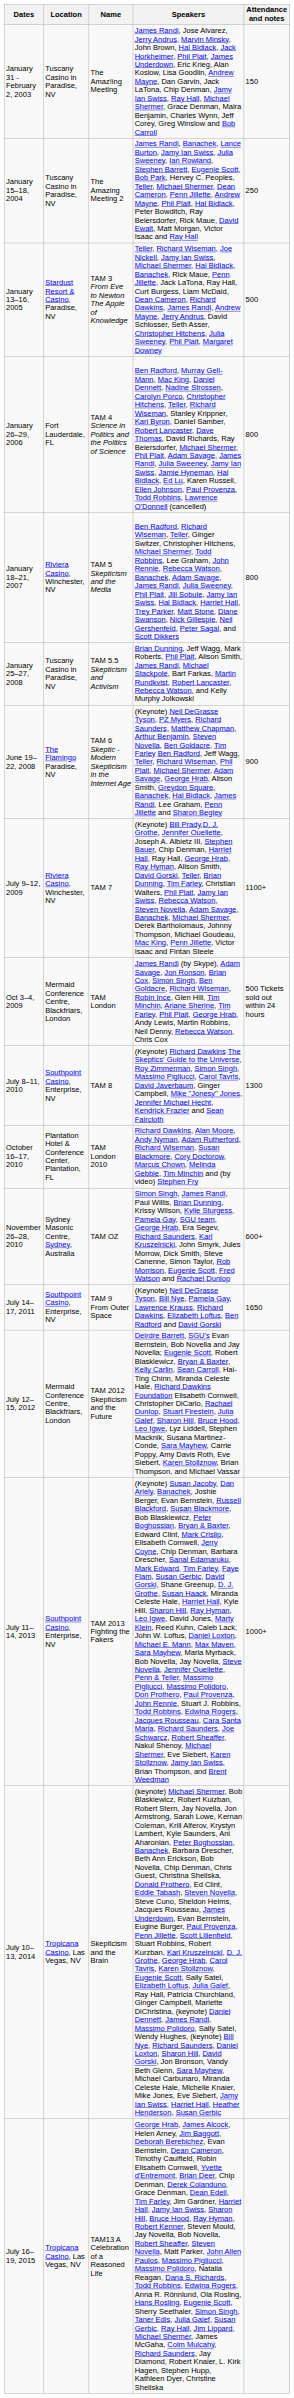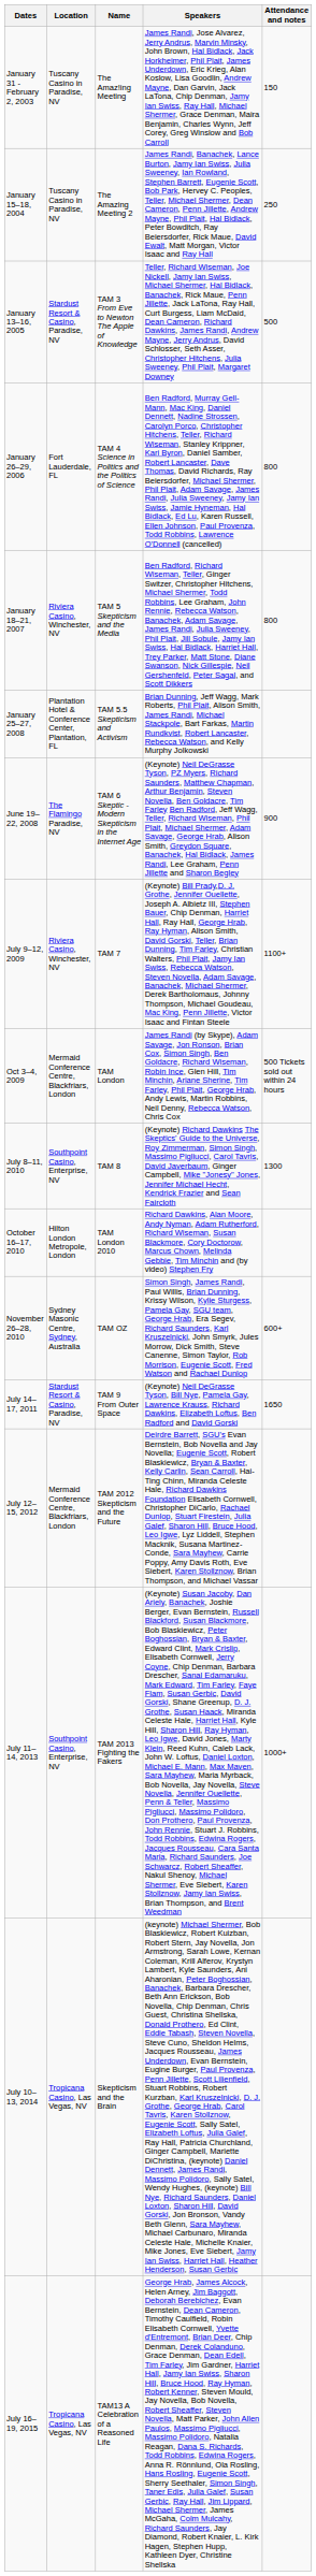 <table class="wikitable">
 <tr>
 <th>Dates</th>
 <th>Location</th>
 <th>Name</th>
 <th>Speakers</th>
 <th>Attendance and notes</th>
 </tr>
 <tr>
 <td>January 31 - February 2, 2003</td>
 <td>Tuscany Casino in Paradise, NV</td>
 <td>The Amaz!ing Meeting</td>
 <td><a href='#'>James Randi</a>, Jose Alvarez, <a href='#'>Jerry Andrus</a>, <a href='#'>Marvin Minsky</a>, John Brown, <a href='#'>Hal Bidlack</a>, <a href='#'>Jack Horkheimer</a>, <a href='#'>Phil Plait</a>, <a href='#'>James Underdown</a>, Eric Krieg, Alan Koslow, Lisa Goodlin, <a href='#'>Andrew Mayne</a>, Dan Garvin, Jack LaTona, Chip Denman, <a href='#'>Jamy Ian Swiss</a>, <a href='#'>Ray Hall</a>, <a href='#'>Michael Shermer</a>, Grace Denman, Maira Benjamin, Charles Wynn, Jeff Corey, Greg Winslow and <a href='#'>Bob Carroll</a></td>
 <td>150</td>
 </tr>
 <tr>
 <td>January 15–18, 2004</td>
 <td>Tuscany Casino in Paradise, NV</td>
 <td>The Amazing Meeting 2</td>
 <td><a href='#'>James Randi</a>, <a href='#'>Banachek</a>, <a href='#'>Lance Burton</a>, <a href='#'>Jamy Ian Swiss</a>, <a href='#'>Julia Sweeney</a>, <a href='#'>Ian Rowland</a>, <a href='#'>Stephen Barrett</a>, <a href='#'>Eugenie Scott</a>, <a href='#'>Bob Park</a>, Hervey C. Peoples, <a href='#'>Teller</a>, <a href='#'>Michael Shermer</a>, <a href='#'>Dean Cameron</a>, <a href='#'>Penn Jillette</a>, <a href='#'>Andrew Mayne</a>, <a href='#'>Phil Plait</a>, <a href='#'>Hal Bidlack</a>, Peter Bowditch, Ray Beiersdorfer, Rick Maue, <a href='#'>David Ewalt</a>, Matt Morgan, Victor Isaac and <a href='#'>Ray Hall</a></td>
 <td>250</td>
 </tr>
 <tr>
 <td>January 13–16, 2005</td>
 <td><a href='#'>Stardust Resort & Casino</a>, Paradise, NV</td>
 <td>TAM 3 <em>From Eve to Newton The Apple of Knowledge</em></td>
 <td><a href='#'>Teller</a>, <a href='#'>Richard Wiseman</a>, <a href='#'>Joe Nickell</a>, <a href='#'>Jamy Ian Swiss</a>, <a href='#'>Michael Shermer</a>, <a href='#'>Hal Bidlack</a>, <a href='#'>Banachek</a>, Rick Maue, <a href='#'>Penn Jillette</a>, Jack LaTona, Ray Hall, Curt Burgess, Liam McDaid, <a href='#'>Dean Cameron</a>, <a href='#'>Richard Dawkins</a>, <a href='#'>James Randi</a>, <a href='#'>Andrew Mayne</a>, <a href='#'>Jerry Andrus</a>, David Schlosser, Seth Asser, <a href='#'>Christopher Hitchens</a>, <a href='#'>Julia Sweeney</a>, <a href='#'>Phil Plait</a>, <a href='#'>Margaret Downey</a></td>
 <td>500</td>
 </tr>
 <tr>
 <td>January 26–29, 2006</td>
 <td>Fort Lauderdale, FL</td>
 <td>TAM 4 <em>Science in Politics and the Politics of Science</em></td>
 <td><br><a href='#'>Ben Radford</a>, <a href='#'>Murray Gell-Mann</a>, <a href='#'>Mac King</a>, <a href='#'>Daniel Dennett</a>, <a href='#'>Nadine Strossen</a>, <a href='#'>Carolyn Porco</a>, <a href='#'>Christopher Hitchens</a>, <a href='#'>Teller</a>, <a href='#'>Richard Wiseman</a>, Stanley Krippner, <a href='#'>Kari Byron</a>, Daniel Samber, <a href='#'>Robert Lancaster</a>, <a href='#'>Dave Thomas</a>, David Richards, Ray Beiersdorfer, <a href='#'>Michael Shermer</a>, <a href='#'>Phil Plait</a>, <a href='#'>Adam Savage</a>, <a href='#'>James Randi</a>, <a href='#'>Julia Sweeney</a>, <a href='#'>Jamy Ian Swiss</a>, <a href='#'>Jamie Hyneman</a>, <a href='#'>Hal Bidlack</a>, <a href='#'>Ed Lu</a>, Karen Russell, <a href='#'>Ellen Johnson</a>, <a href='#'>Paul Provenza</a>, <a href='#'>Todd Robbins</a>, <a href='#'>Lawrence O'Donnell</a> (cancelled)</td>
 <td>800</td>
 </tr>
 <tr>
 <td>January 18–21, 2007</td>
 <td><a href='#'>Riviera Casino</a>, Winchester, NV</td>
 <td>TAM 5 <em>Skepticism and the Media</em></td>
 <td><br><a href='#'>Ben Radford</a>, <a href='#'>Richard Wiseman</a>, <a href='#'>Teller</a>, Ginger Switzer, Christopher Hitchens, <a href='#'>Michael Shermer</a>, <a href='#'>Todd Robbins</a>, Lee Graham, <a href='#'>John Rennie</a>, <a href='#'>Rebecca Watson</a>, <a href='#'>Banachek</a>, <a href='#'>Adam Savage</a>, <a href='#'>James Randi</a>, <a href='#'>Julia Sweeney</a>, <a href='#'>Phil Plait</a>, <a href='#'>Jill Sobule</a>, <a href='#'>Jamy Ian Swiss</a>, <a href='#'>Hal Bidlack</a>, <a href='#'>Harriet Hall</a>, <a href='#'>Trey Parker</a>, <a href='#'>Matt Stone</a>, <a href='#'>Diane Swanson</a>, <a href='#'>Nick Gillespie</a>, <a href='#'>Neil Gershenfeld</a>, <a href='#'>Peter Sagal</a>, and <a href='#'>Scott Dikkers</a></td>
 <td>800</td>
 </tr>
 <tr>
 <td>January 25–27, 2008</td>
-<td>Tuscany Casino in Paradise, NV</td>
+<td>Plantation Hotel & Conference Center, Plantation, FL</td>
 <td>TAM 5.5 <em>Skepticism and Activism</em></td>
 <td><a href='#'>Brian Dunning</a>, Jeff Wagg, Mark Roberts, <a href='#'>Phil Plait</a>, Alison Smith, <a href='#'>James Randi</a>, <a href='#'>Michael Stackpole</a>, Bart Farkas, <a href='#'>Martin Rundkvist</a>, <a href='#'>Robert Lancaster</a>, <a href='#'>Rebecca Watson</a>, and Kelly Murphy Jolkowski</td>
 <td></td>
 </tr>
 <tr>
 <td>June 19–22, 2008</td>
 <td><a href='#'>The Flamingo</a> Paradise, NV</td>
 <td>TAM 6<em> Skeptic - Modern Skepticism in the Internet Age</em></td>
 <td>(Keynote) <a href='#'>Neil DeGrasse Tyson</a>, <a href='#'>PZ Myers</a>, <a href='#'>Richard Saunders</a>, <a href='#'>Matthew Chapman</a>, <a href='#'>Arthur Benjamin</a>, <a href='#'>Steven Novella</a>, <a href='#'>Ben Goldacre</a>, <a href='#'>Tim Farley</a> <a href='#'>Ben Radford</a>, Jeff Wagg, <a href='#'>Teller</a>, <a href='#'>Richard Wiseman</a>, <a href='#'>Phil Plait</a>, <a href='#'>Michael Shermer</a>, <a href='#'>Adam Savage</a>, <a href='#'>George Hrab</a>, Alison Smith, <a href='#'>Greydon Square</a>, <a href='#'>Banachek</a>, <a href='#'>Hal Bidlack</a>, <a href='#'>James Randi</a>, Lee Graham, <a href='#'>Penn Jillette</a> and <a href='#'>Sharon Begley</a></td>
 <td>900</td>
 </tr>
 <tr>
 <td>July 9–12, 2009</td>
 <td><a href='#'>Riviera Casino</a>, Winchester, NV</td>
 <td>TAM 7</td>
 <td>(Keynote) <a href='#'>Bill Prady</a>,<a href='#'>D. J. Grothe</a>, <a href='#'>Jennifer Ouellette</a>, Joseph A. Albietz III, <a href='#'>Stephen Bauer</a>, Chip Denman, <a href='#'>Harriet Hall</a>, Ray Hall, <a href='#'>George Hrab</a>, <a href='#'>Ray Hyman</a>, Alison Smith, <a href='#'>David Gorski</a>, <a href='#'>Teller</a>, <a href='#'>Brian Dunning</a>, <a href='#'>Tim Farley</a>, Christian Walters, <a href='#'>Phil Plait</a>, <a href='#'>Jamy Ian Swiss</a>, <a href='#'>Rebecca Watson</a>, <a href='#'>Steven Novella</a>, <a href='#'>Adam Savage</a>, <a href='#'>Banachek</a>, <a href='#'>Michael Shermer</a>, Derek Bartholomaus, Johnny Thompson, Michael Goudeau, <a href='#'>Mac King</a>, <a href='#'>Penn Jillette</a>, Victor Isaac and Fintan Steele</td>
 <td>1100+</td>
 </tr>
 <tr>
 <td>Oct 3–4, 2009</td>
 <td>Mermaid Conference Centre, Blackfriars, London</td>
 <td>TAM London</td>
 <td><a href='#'>James Randi</a> (by Skype), <a href='#'>Adam Savage</a>, <a href='#'>Jon Ronson</a>, <a href='#'>Brian Cox</a>, <a href='#'>Simon Singh</a>, <a href='#'>Ben Goldacre</a>, <a href='#'>Richard Wiseman</a>, <a href='#'>Robin Ince</a>,  Glen Hill, <a href='#'>Tim Minchin</a>, <a href='#'>Ariane Sherine</a>, <a href='#'>Tim Farley</a>, <a href='#'>Phil Plait</a>, <a href='#'>George Hrab</a>, Andy Lewis, Martin Robbins, Neil Denny, <a href='#'>Rebecca Watson</a>, Chris Cox</td>
 <td>500  Tickets sold out within 24 hours</td>
 </tr>
 <tr>
 <td>July 8–11, 2010</td>
 <td><a href='#'>Southpoint Casino</a>, Enterprise, NV</td>
 <td>TAM 8</td>
 <td>(Keynote) <a href='#'>Richard Dawkins</a> <a href='#'>The Skeptics' Guide to the Universe</a>, <a href='#'>Roy Zimmerman</a>, <a href='#'>Simon Singh</a>, <a href='#'>Massimo Pigliucci</a>, <a href='#'>Carol Tavris</a>, <a href='#'>David Javerbaum</a>, Ginger Campbell, <a href='#'>Mike "Jonesy" Jones</a>, <a href='#'>Jennifer Michael Hecht</a>, <a href='#'>Kendrick Frazier</a> and <a href='#'>Sean Faircloth</a></td>
 <td>1300</td>
 </tr>
 <tr>
 <td>October 16–17, 2010</td>
-<td>Plantation Hotel & Conference Center, Plantation, FL</td>
+<td>Hilton London Metropole, London</td>
 <td>TAM London 2010</td>
 <td><a href='#'>Richard Dawkins</a>, <a href='#'>Alan Moore</a>, <a href='#'>Andy Nyman</a>, <a href='#'>Adam Rutherford</a>, <a href='#'>Richard Wiseman</a>, <a href='#'>Susan Blackmore</a>, <a href='#'>Cory Doctorow</a>, <a href='#'>Marcus Chown</a>, <a href='#'>Melinda Gebbie</a>, <a href='#'>Tim Minchin</a> and (by video) <a href='#'>Stephen Fry</a></td>
 <td></td>
 </tr>
 <tr>
 <td>November 26–28, 2010</td>
 <td>Sydney Masonic Centre, <a href='#'>Sydney</a>, Australia</td>
 <td>TAM OZ</td>
 <td><a href='#'>Simon Singh</a>, <a href='#'>James Randi</a>, Paul Willis, <a href='#'>Brian Dunning</a>, Krissy Wilson, <a href='#'>Kylie Sturgess</a>, <a href='#'>Pamela Gay</a>, <a href='#'>SGU team</a>, <a href='#'>George Hrab</a>, Era Segev, <a href='#'>Richard Saunders</a>, <a href='#'>Karl Kruszelnicki</a>, John Smyrk, Jules Morrow, Dick Smith, Steve Canenne, Simon Taylor, <a href='#'>Rob Morrison</a>, <a href='#'>Eugenie Scott</a>, <a href='#'>Fred Watson</a> and <a href='#'>Rachael Dunlop</a></td>
 <td>600+</td>
 </tr>
 <tr>
 <td>July 14–17, 2011</td>
-<td><a href='#'>Southpoint Casino</a>, Enterprise, NV</td>
+<td><a href='#'>Stardust Resort & Casino</a>, Paradise, NV</td>
 <td>TAM 9 From Outer Space</td>
 <td>(Keynote) <a href='#'>Neil DeGrasse Tyson</a>, <a href='#'>Bill Nye</a>, <a href='#'>Pamela Gay</a>, <a href='#'>Lawrence Krauss</a>, <a href='#'>Richard Dawkins</a>, <a href='#'>Elizabeth Loftus</a>, <a href='#'>Ben Radford</a> and <a href='#'>David Gorski</a></td>
 <td>1650</td>
 </tr>
 <tr>
 <td>July 12–15, 2012</td>
 <td>Mermaid Conference Centre, Blackfriars, London</td>
 <td>TAM 2012 Skepticism and the Future</td>
 <td><a href='#'>Deirdre Barrett</a>, <a href='#'>SGU's</a> Evan Bernstein, Bob Novella and Jay Novella; <a href='#'>Eugenie Scott</a>, Robert Blaskiewicz, <a href='#'>Bryan & Baxter</a>, <a href='#'>Kelly Carlin</a>, <a href='#'>Sean Carroll</a>, Hai-Ting Chinn,  Miranda Celeste Hale, <a href='#'>Richard Dawkins Foundation</a> Elisabeth Cornwell, Christopher DiCarlo, <a href='#'>Rachael Dunlop</a>, <a href='#'>Stuart Firestein</a>, <a href='#'>Julia Galef</a>, <a href='#'>Sharon Hill</a>, <a href='#'>Bruce Hood</a>, <a href='#'>Leo Igwe</a>, Lyz Liddell,  Stephen Macknik, Susana Martinez-Conde, <a href='#'>Sara Mayhew</a>, Carrie Poppy, Amy Davis Roth, Eve Siebert, <a href='#'>Karen Stollznow</a>, Brian Thompson, and Michael Vassar</td>
 <td></td>
 </tr>
 <tr>
 <td>July 11–14, 2013</td>
 <td><a href='#'>Southpoint Casino</a>, Enterprise, NV</td>
 <td>TAM 2013 Fighting the Fakers</td>
 <td>(Keynote) <a href='#'>Susan Jacoby</a>, <a href='#'>Dan Ariely</a>, <a href='#'>Banachek</a>, Joshie Berger, Evan Bernstein, <a href='#'>Russell Blackford</a>, <a href='#'>Susan Blackmore</a>, Bob Blaskiewicz, <a href='#'>Peter Boghossian</a>, <a href='#'>Bryan & Baxter</a>, Edward Clint, <a href='#'>Mark Crislip</a>, Elisabeth Cornwell, <a href='#'>Jerry Coyne</a>, Chip Denman, Barbara Drescher, <a href='#'>Sanal Edamaruku</a>, <a href='#'>Mark Edward</a>, <a href='#'>Tim Farley</a>, <a href='#'>Faye Flam</a>, <a href='#'>Susan Gerbic</a>, <a href='#'>David Gorski</a>, Shane Greenup, <a href='#'>D. J. Grothe</a>, <a href='#'>Susan Haack</a>, Miranda Celeste Hale, <a href='#'>Harriet Hall</a>, Kyle Hill, <a href='#'>Sharon Hill</a>, <a href='#'>Ray Hyman</a>, <a href='#'>Leo Igwe</a>, David Jones, <a href='#'>Marty Klein</a>, Reed Kuhn, Caleb Lack, John W. Loftus, <a href='#'>Daniel Loxton</a>, <a href='#'>Michael E. Mann</a>, <a href='#'>Max Maven</a>, <a href='#'>Sara Mayhew</a>, Maria Myrback, Bob Novella, Jay Novella, <a href='#'>Steve Novella</a>, <a href='#'>Jennifer Ouellette</a>, <a href='#'>Penn & Teller</a>, <a href='#'>Massimo Pigliucci</a>, <a href='#'>Massimo Polidoro</a>, <a href='#'>Don Prothero</a>, <a href='#'>Paul Provenza</a>, <a href='#'>John Rennie</a>, Stuart J. Robbins, <a href='#'>Todd Robbins</a>, <a href='#'>Edwina Rogers</a>, <a href='#'>Jacques Rousseau</a>, <a href='#'>Cara Santa Maria</a>, <a href='#'>Richard Saunders</a>, <a href='#'>Joe Schwarcz</a>, <a href='#'>Robert Sheaffer</a>, Nakul Shenoy, <a href='#'>Michael Shermer</a>, Eve Siebert, <a href='#'>Karen Stollznow</a>, <a href='#'>Jamy Ian Swiss</a>, Brian Thompson, and <a href='#'>Brent Weedman</a></td>
 <td>1000+</td>
 </tr>
 <tr>
 <td>July 10–13, 2014</td>
 <td><a href='#'>Tropicana Casino</a>, Las Vegas, NV</td>
 <td>Skepticism and the Brain</td>
 <td>(keynote) <a href='#'>Michael Shermer</a>, Bob Blaskiewicz, Robert Kuizban, Robert Stern, Jay Novella, Jon Armstrong, Sarah Lowe, Kernan Coleman, Krill Alferov, Krystyn Lambert, Kyle Saunders, Ani Aharonian, <a href='#'>Peter Boghossian</a>, <a href='#'>Banachek</a>, Barbara Drescher, Beth Ann Erickson, Bob Novella, Chip Denman, Chris Guest, Christina Shellska, <a href='#'>Donald Prothero</a>, Ed Clint, <a href='#'>Eddie Tabash</a>, <a href='#'>Steven Novella</a>, Steve Cuno, Sheldon Helms, Jacques Rousseau, <a href='#'>James Underdown</a>, Evan Bernstein, Eugine Burger, <a href='#'>Paul Provenza</a>, <a href='#'>Penn Jillette</a>, <a href='#'>Scott Lilienfield</a>, Stuart Robbins, Robert Kurzban, <a href='#'>Karl Kruszelnicki</a>, <a href='#'>D. J. Grothe</a>, <a href='#'>George Hrab</a>, <a href='#'>Carol Tavris</a>, <a href='#'>Karen Stollznow</a>, <a href='#'>Eugenie Scott</a>, Sally Satel, <a href='#'>Elizabeth Loftus</a>, <a href='#'>Julia Galef</a>, Ray Hall, Patricia Churchland, Ginger Campbell, Mariette DiChristina, (keynote) <a href='#'>Daniel Dennett</a>, <a href='#'>James Randi</a>, <a href='#'>Massimo Polidoro</a>, Sally Satel, Wendy Hughes, (keynote) <a href='#'>Bill Nye</a>, <a href='#'>Richard Saunders</a>, <a href='#'>Daniel Loxton</a>, <a href='#'>Sharon Hill</a>, <a href='#'>David Gorski</a>, Jon Bronson, Vandy Beth Glenn, <a href='#'>Sara Mayhew</a>, Michael Carbunaro, Miranda Celeste Hale, Michelle Knaier, Mike Jones, Eve Siebert, <a href='#'>Jamy Ian Swiss</a>, <a href='#'>Harriet Hall</a>, <a href='#'>Heather Henderson</a>, <a href='#'>Susan Gerbic</a></td>
 <td></td>
 </tr>
 <tr>
 <td>July 16–19, 2015</td>
 <td><a href='#'>Tropicana Casino</a>, Las Vegas, NV</td>
 <td>TAM13 A Celebration of a Reasoned Life</td>
 <td><a href='#'>George Hrab</a>, <a href='#'>James Alcock</a>, Helen Arney, <a href='#'>Jim Baggott</a>, <a href='#'>Deborah Berebichez</a>, Evan Bernstein, <a href='#'>Dean Cameron</a>, Timothy Caulfield, Robin Elisabeth Cornwell, <a href='#'>Yvette d'Entremont</a>, <a href='#'>Brian Deer</a>, Chip Denman, <a href='#'>Derek Colanduno</a>, Grace Denman, <a href='#'>Dean Edell</a>, <a href='#'>Tim Farley</a>, Jim Gardner, <a href='#'>Harriet Hall</a>, <a href='#'>Jamy Ian Swiss</a>, <a href='#'>Sharon Hill</a>, <a href='#'>Bruce Hood</a>, <a href='#'>Ray Hyman</a>, <a href='#'>Robert Kenner</a>, Steven Mould, Jay Novella, Bob Novella, <a href='#'>Robert Sheaffer</a>, <a href='#'>Steven Novella</a>, Matt Parker, <a href='#'>John Allen Paulos</a>, <a href='#'>Massimo Pigliucci</a>, <a href='#'>Massimo Polidoro</a>, Natalia Reagan, <a href='#'>Dana S. Richards</a>, <a href='#'>Todd Robbins</a>, <a href='#'>Edwina Rogers</a>, Anna R. Rönnlund, Ola Rosling, <a href='#'>Hans Rosling</a>, <a href='#'>Eugenie Scott</a>, Sherry Seethaler, <a href='#'>Simon Singh</a>, <a href='#'>Taner Edis</a>, <a href='#'>Julia Galef</a>, <a href='#'>Susan Gerbic</a>, <a href='#'>Ray Hall</a>, <a href='#'>Jim Lippard</a>, <a href='#'>Michael Shermer</a>, James McGaha, <a href='#'>Colm Mulcahy</a>, <a href='#'>Richard Saunders</a>, Jay Diamond, Robert Knaier, L. Kirk Hagen, Stephen Hupp, Kathleen Dyer, Christine Shellska</td>
 <td></td>
 </tr>
 </table>
